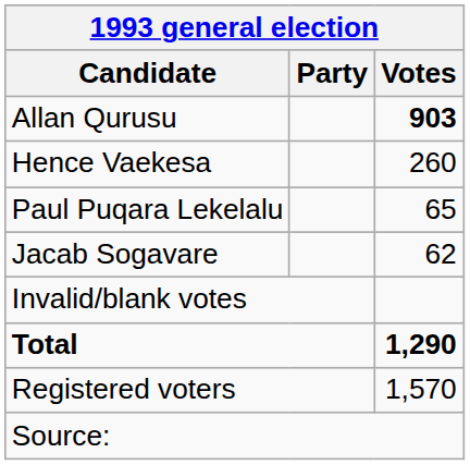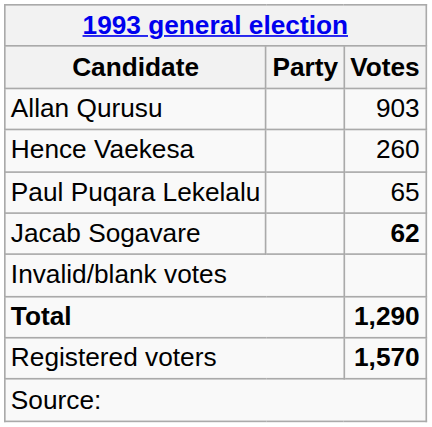 <table class=wikitable style=text-align:left>
 <tr>
 <th colspan=3><a href='#'>1993 general election</a></th>
 </tr>
 <tr>
 <th>Candidate</th>
 <th>Party</th>
 <th>Votes</th>
 </tr>
 <tr>
 <td>Allan Qurusu</td>
 <td></td>
-<td align=right><strong>903</strong></td>
+<td align=right>903</td>
 </tr>
 <tr>
 <td>Hence Vaekesa</td>
 <td></td>
 <td align=right>260</td>
 </tr>
 <tr>
 <td>Paul Puqara Lekelalu</td>
 <td></td>
 <td align=right>65</td>
 </tr>
 <tr>
 <td>Jacab Sogavare</td>
 <td></td>
-<td align=right>62</td>
+<td align=right><strong>62</strong></td>
 </tr>
 <tr>
 <td colspan=2>Invalid/blank votes</td>
 <td></td>
 </tr>
 <tr>
 <td colspan=2><strong>Total</strong></td>
 <td align=right><strong>1,290</strong></td>
 </tr>
 <tr>
 <td colspan=2>Registered voters</td>
-<td align=right>1,570</td>
+<td align=right><strong>1,570</strong></td>
 </tr>
 <tr>
 <td colspan=3>Source: </td>
 </tr>
 </table>
